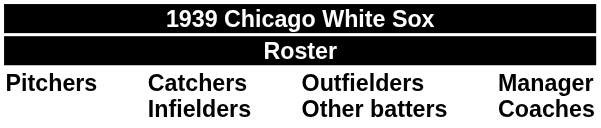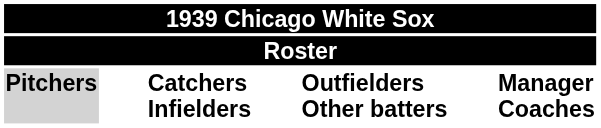 <table class="toccolours" style="font-size: 95%;">
 <tr>
 <th colspan="10" style="background-color: black; color: white; text-align: center;">1939 Chicago White Sox</th>
 </tr>
 <tr>
 <td colspan="10" style="background-color: black; color: white; text-align: center;"><strong>Roster</strong></td>
 </tr>
 <tr>
-<td valign="top"><strong>Pitchers</strong><br>             </td>
+<td valign="top" style="background: lightgrey;"><strong>Pitchers</strong><br>             </td>
 <td width="25px"></td>
 <td valign="top"><strong>Catchers</strong><br>    <strong>Infielders</strong>         </td>
 <td width="25px"></td>
 <td valign="top"><strong>Outfielders</strong><br>     <strong>Other batters</strong> </td>
 <td width="25px"></td>
 <td valign="top"><strong>Manager</strong><br> <strong>Coaches</strong>    </td>
 </tr>
 </table>
